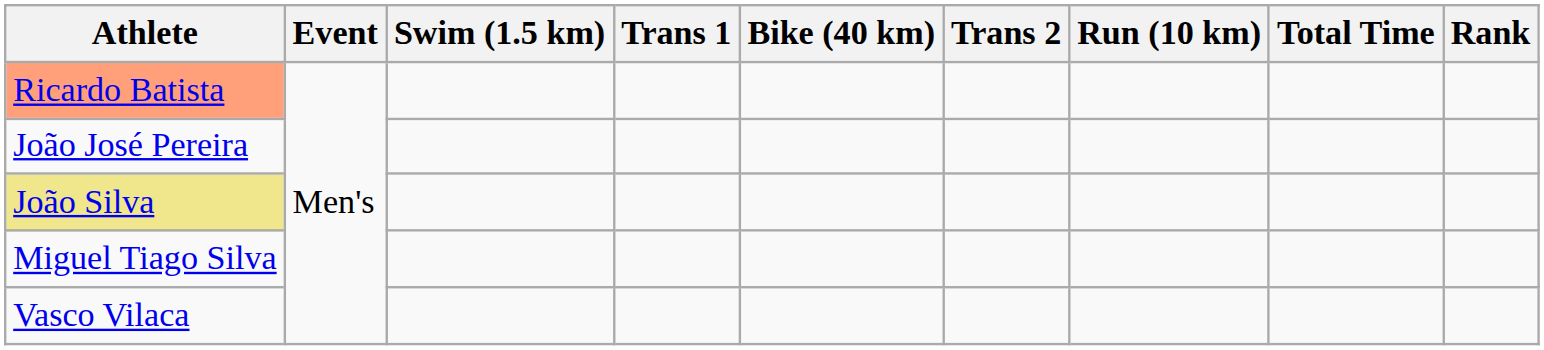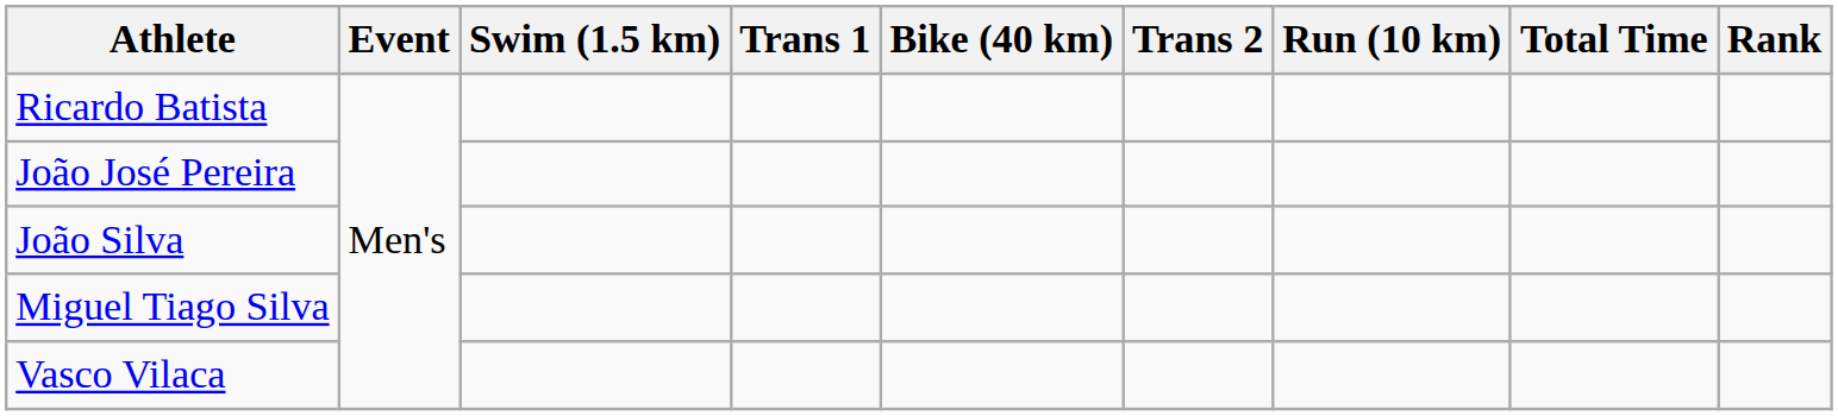 <table class="wikitable" style="font-size:90%">
 <tr>
 <th>Athlete</th>
 <th>Event</th>
 <th>Swim (1.5 km)</th>
 <th>Trans 1</th>
 <th>Bike (40 km)</th>
 <th>Trans 2</th>
 <th>Run (10 km)</th>
 <th>Total Time</th>
 <th>Rank</th>
 </tr>
 <tr align=center>
-<td align=left style="background: lightsalmon;"><a href='#'>Ricardo Batista</a></td>
+<td align=left><a href='#'>Ricardo Batista</a></td>
 <td align=left rowspan=5>Men's</td>
 <td></td>
 <td></td>
 <td></td>
 <td></td>
 <td></td>
 <td></td>
 <td></td>
 </tr>
 <tr align=center>
 <td align=left><a href='#'>João José Pereira</a></td>
 <td></td>
 <td></td>
 <td></td>
 <td></td>
 <td></td>
 <td></td>
 <td></td>
 </tr>
 <tr align=center>
-<td align=left style="background: khaki;"><a href='#'>João Silva</a></td>
+<td align=left><a href='#'>João Silva</a></td>
 <td></td>
 <td></td>
 <td></td>
 <td></td>
 <td></td>
 <td></td>
 <td></td>
 </tr>
 <tr align=center>
 <td align=left><a href='#'>Miguel Tiago Silva</a></td>
 <td></td>
 <td></td>
 <td></td>
 <td></td>
 <td></td>
 <td></td>
 <td></td>
 </tr>
 <tr align=center>
 <td align=left><a href='#'>Vasco Vilaca</a></td>
 <td></td>
 <td></td>
 <td></td>
 <td></td>
 <td></td>
 <td></td>
 <td></td>
 </tr>
 </table>
